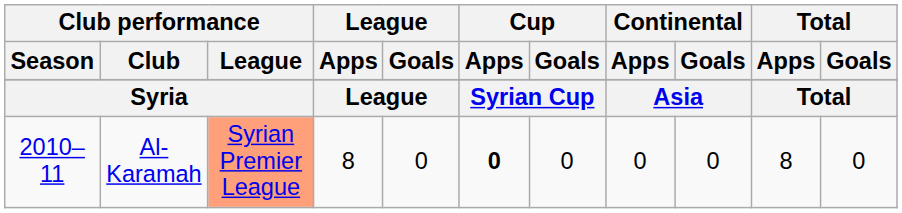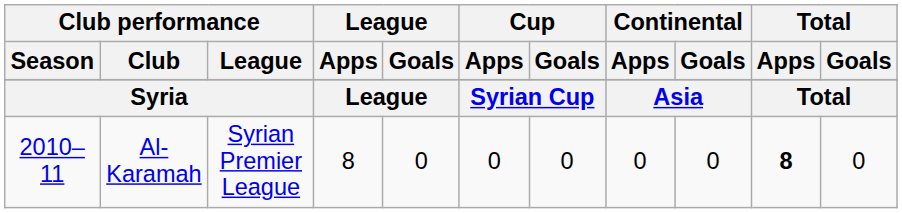 <table class="wikitable" style="text-align:center">
 <tr>
 <th colspan=3>Club performance</th>
 <th colspan=2>League</th>
 <th colspan=2>Cup</th>
 <th colspan=2>Continental</th>
 <th colspan=2>Total</th>
 </tr>
 <tr>
 <th>Season</th>
 <th>Club</th>
 <th>League</th>
 <th>Apps</th>
 <th>Goals</th>
 <th>Apps</th>
 <th>Goals</th>
 <th>Apps</th>
 <th>Goals</th>
 <th>Apps</th>
 <th>Goals</th>
 </tr>
 <tr>
 </tr>
 <tr>
 <th colspan=3>Syria</th>
 <th colspan=2>League</th>
 <th colspan=2><a href='#'>Syrian Cup</a></th>
 <th colspan=2><a href='#'>Asia</a></th>
 <th colspan=2>Total</th>
 </tr>
 <tr>
 <td><a href='#'>2010–11</a></td>
 <td rowspan="1"><a href='#'>Al-Karamah</a></td>
-<td rowspan="1" style="background: lightsalmon;"><a href='#'>Syrian Premier League</a></td>
+<td rowspan="1"><a href='#'>Syrian Premier League</a></td>
 <td>8</td>
-<td>0</td>
-<td><strong>0</strong></td>
 <td>0</td>
 <td>0</td>
 <td>0</td>
-<td>8</td>
+<td>0</td>
+<td>0</td>
+<td><strong>8</strong></td>
 <td>0</td>
 </tr>
 </table>
